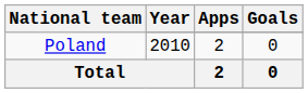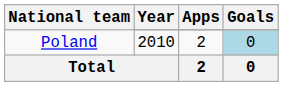 <table class="wikitable" style="text-align:center">
 <tr>
 <th>National team</th>
 <th>Year</th>
 <th>Apps</th>
 <th>Goals</th>
 </tr>
 <tr>
 <td rowspan="2"><a href='#'>Poland</a></td>
 </tr>
 <tr>
 <td>2010</td>
 <td>2</td>
-<td>0</td>
+<td style="background: lightblue;">0</td>
 </tr>
 <tr>
 <th colspan="2">Total</th>
 <th>2</th>
 <th>0</th>
 </tr>
 </table>
